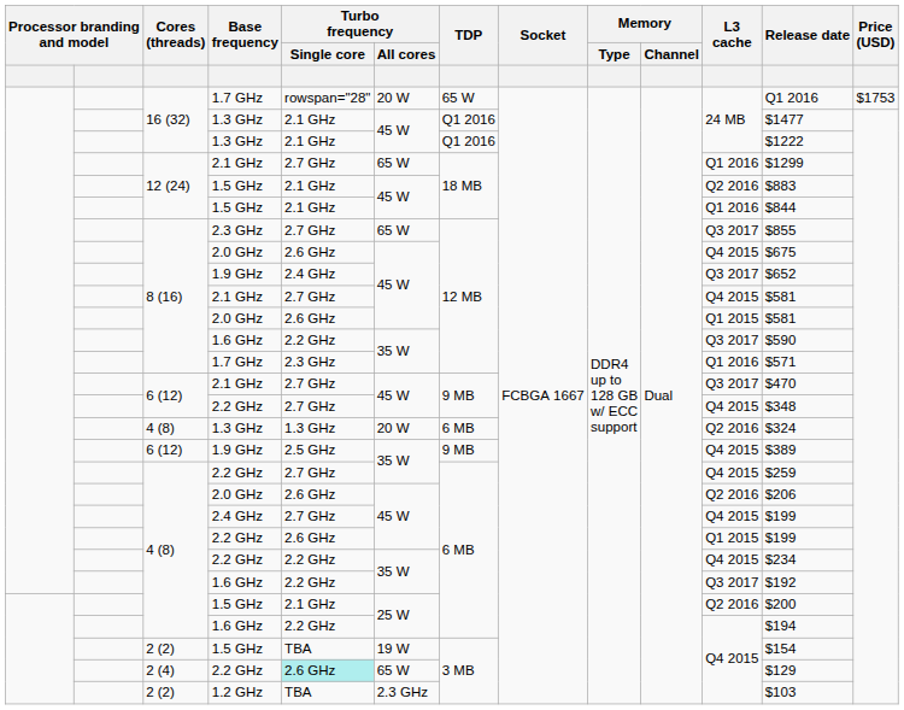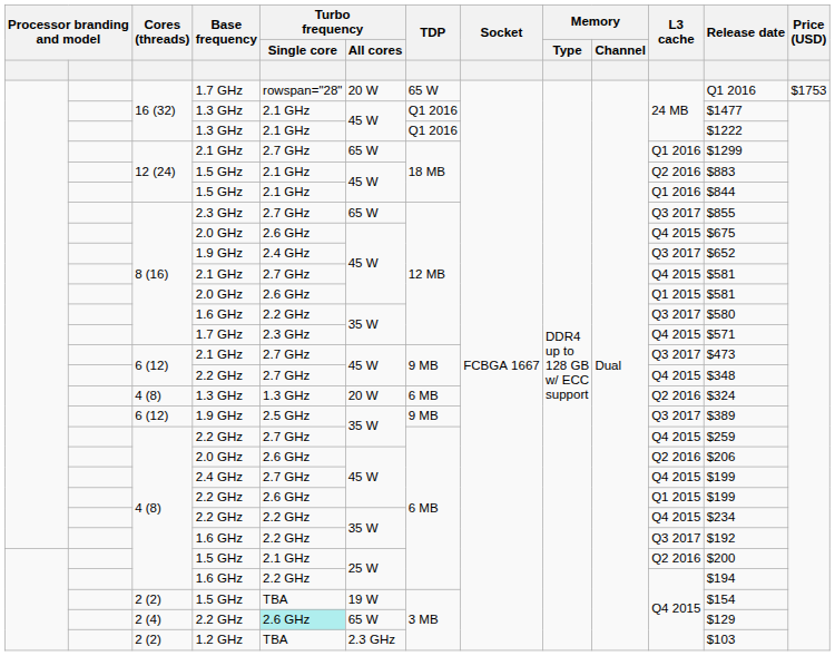 <table class="wikitable sortable hover-highlight">
 <tr>
 <th colspan="2" rowspan="2">Processor branding<br>and model</th>
 <th rowspan="2">Cores<br>(threads)</th>
 <th rowspan="2">Base<br>frequency</th>
 <th colspan="2">Turbo<br>frequency</th>
 <th rowspan="2">TDP</th>
 <th rowspan="2">Socket</th>
 <th colspan="2">Memory</th>
 <th rowspan="2">L3<br>cache</th>
 <th rowspan="2">Release date</th>
 <th rowspan="2">Price<br>(USD)</th>
 </tr>
 <tr>
 <th>Single core</th>
 <th>All cores</th>
 <th>Type</th>
 <th>Channel</th>
 </tr>
 <tr>
 <th style="background-position:center"><br></th>
 <th style="background-position:center"></th>
 <th style="background-position:center"></th>
 <th style="background-position:center"></th>
 <th style="background-position:center"></th>
 <th style="background-position:center"></th>
 <th style="background-position:center"></th>
 <th style="background-position:center"></th>
 <th style="background-position:center"></th>
 <th style="background-position:center"></th>
 <th style="background-position:center"></th>
 <th style="background-position:center"></th>
 <th style="background-position:center"></th>
 </tr>
 <tr>
 <td rowspan="23"></td>
 <td><strong></strong></td>
 <td rowspan="3">16 (32)</td>
 <td>1.7 GHz</td>
 <td>rowspan="28" </td>
 <td>20 W</td>
 <td>65 W</td>
 <td rowspan="28">FCBGA 1667</td>
 <td rowspan="28">DDR4<br>up to<br>128 GB<br>w/ ECC<br>support</td>
 <td rowspan="28">Dual</td>
 <td rowspan="3">24 MB</td>
 <td>Q1 2016</td>
 <td>$1753</td>
 </tr>
 <tr>
 <td><strong></strong></td>
 <td>1.3 GHz</td>
 <td>2.1 GHz</td>
 <td rowspan="2">45 W</td>
 <td>Q1 2016</td>
 <td>$1477</td>
 </tr>
 <tr>
 <td><strong></strong></td>
 <td>1.3 GHz</td>
 <td>2.1 GHz</td>
 <td>Q1 2016</td>
 <td>$1222</td>
 </tr>
 <tr>
 <td><strong></strong></td>
 <td rowspan="3">12 (24)</td>
 <td>2.1 GHz</td>
 <td>2.7 GHz</td>
 <td>65 W</td>
 <td rowspan="3">18 MB</td>
 <td>Q1 2016</td>
 <td>$1299</td>
 </tr>
 <tr>
 <td><strong></strong></td>
 <td>1.5 GHz</td>
 <td>2.1 GHz</td>
 <td rowspan="2">45 W</td>
 <td>Q2 2016</td>
 <td>$883</td>
 </tr>
 <tr>
 <td><strong></strong></td>
 <td>1.5 GHz</td>
 <td>2.1 GHz</td>
 <td>Q1 2016</td>
 <td>$844</td>
 </tr>
 <tr>
 <td><strong></strong></td>
 <td rowspan="7">8 (16)</td>
 <td>2.3 GHz</td>
 <td>2.7 GHz</td>
 <td>65 W</td>
 <td rowspan="7">12 MB</td>
 <td>Q3 2017</td>
 <td>$855</td>
 </tr>
 <tr>
 <td><strong></strong></td>
 <td>2.0 GHz</td>
 <td>2.6 GHz</td>
 <td rowspan="4">45 W</td>
 <td>Q4 2015</td>
 <td>$675</td>
 </tr>
 <tr>
 <td><strong></strong></td>
 <td>1.9 GHz</td>
 <td>2.4 GHz</td>
 <td>Q3 2017</td>
 <td>$652</td>
 </tr>
 <tr>
 <td><strong></strong></td>
 <td>2.1 GHz</td>
 <td>2.7 GHz</td>
 <td>Q4 2015</td>
 <td>$581</td>
 </tr>
 <tr>
 <td><strong></strong></td>
 <td>2.0 GHz</td>
 <td>2.6 GHz</td>
 <td>Q1 2015</td>
 <td>$581</td>
 </tr>
 <tr>
 <td><strong></strong></td>
 <td>1.6 GHz</td>
 <td>2.2 GHz</td>
 <td rowspan="2">35 W</td>
 <td>Q3 2017</td>
-<td>$590</td>
+<td>$580</td>
 </tr>
 <tr>
 <td><strong></strong></td>
 <td>1.7 GHz</td>
 <td>2.3 GHz</td>
-<td>Q1 2016</td>
+<td>Q4 2015</td>
 <td>$571</td>
 </tr>
 <tr>
 <td><strong></strong></td>
 <td rowspan="2">6 (12)</td>
 <td>2.1 GHz</td>
 <td>2.7 GHz</td>
 <td rowspan="2">45 W</td>
 <td rowspan="2">9 MB</td>
 <td>Q3 2017</td>
-<td>$470</td>
+<td>$473</td>
 </tr>
 <tr>
 <td><strong></strong></td>
 <td>2.2 GHz</td>
 <td>2.7 GHz</td>
 <td>Q4 2015</td>
 <td>$348</td>
 </tr>
 <tr>
 <td><strong></strong></td>
 <td>4 (8)</td>
 <td>1.3 GHz</td>
 <td>1.3 GHz</td>
 <td>20 W</td>
 <td>6 MB</td>
 <td>Q2 2016</td>
 <td>$324</td>
 </tr>
 <tr>
 <td><strong></strong></td>
 <td>6 (12)</td>
 <td>1.9 GHz</td>
 <td>2.5 GHz</td>
 <td rowspan="2">35 W</td>
 <td>9 MB</td>
-<td>Q4 2015</td>
+<td>Q3 2017</td>
 <td>$389</td>
 </tr>
 <tr>
 <td><strong></strong></td>
 <td rowspan="8">4 (8)</td>
 <td>2.2 GHz</td>
 <td>2.7 GHz</td>
 <td rowspan="8">6 MB</td>
 <td>Q4 2015</td>
 <td>$259</td>
 </tr>
 <tr>
 <td><strong></strong></td>
 <td>2.0 GHz</td>
 <td>2.6 GHz</td>
 <td rowspan="3">45 W</td>
 <td>Q2 2016</td>
 <td>$206</td>
 </tr>
 <tr>
 <td><strong></strong></td>
 <td>2.4 GHz</td>
 <td>2.7 GHz</td>
 <td>Q4 2015</td>
 <td>$199</td>
 </tr>
 <tr>
 <td><strong></strong></td>
 <td>2.2 GHz</td>
 <td>2.6 GHz</td>
 <td>Q1 2015</td>
 <td>$199</td>
 </tr>
 <tr>
 <td><strong></strong></td>
 <td>2.2 GHz</td>
 <td>2.2 GHz</td>
 <td rowspan="2">35 W</td>
 <td>Q4 2015</td>
 <td>$234</td>
 </tr>
 <tr>
 <td><strong></strong></td>
 <td>1.6 GHz</td>
 <td>2.2 GHz</td>
 <td>Q3 2017</td>
 <td>$192</td>
 </tr>
 <tr>
 <td rowspan="5"></td>
 <td><strong></strong></td>
 <td>1.5 GHz</td>
 <td>2.1 GHz</td>
 <td rowspan="2">25 W</td>
 <td>Q2 2016</td>
 <td>$200</td>
 </tr>
 <tr>
 <td><strong></strong></td>
 <td>1.6 GHz</td>
 <td>2.2 GHz</td>
 <td rowspan="4">Q4 2015</td>
 <td>$194</td>
 </tr>
 <tr>
 <td><strong></strong></td>
 <td>2 (2)</td>
 <td>1.5 GHz</td>
 <td>TBA</td>
 <td>19 W</td>
 <td rowspan="3">3 MB</td>
 <td>$154</td>
 </tr>
 <tr>
 <td><strong></strong></td>
 <td>2 (4)</td>
 <td>2.2 GHz</td>
 <td style="background: paleturquoise;">2.6 GHz</td>
 <td>65 W</td>
 <td>$129</td>
 </tr>
 <tr>
 <td><strong></strong></td>
 <td>2 (2)</td>
 <td>1.2 GHz</td>
 <td>TBA</td>
 <td>2.3 GHz</td>
 <td>$103</td>
 </tr>
 </table>
